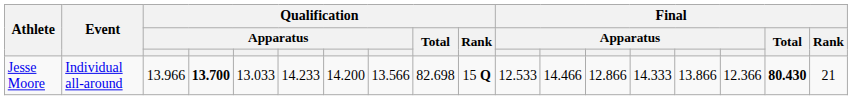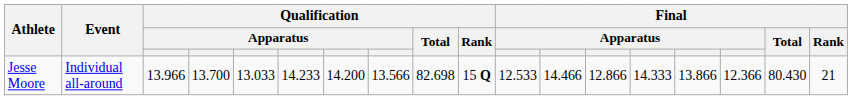 <table class=wikitable style=font-size:90%>
 <tr>
 <th rowspan=3>Athlete</th>
 <th rowspan=3>Event</th>
 <th colspan=8>Qualification</th>
 <th colspan=8>Final</th>
 </tr>
 <tr style=font-size:95%>
 <th colspan=6>Apparatus</th>
 <th rowspan=2>Total</th>
 <th rowspan=2>Rank</th>
 <th colspan=6>Apparatus</th>
 <th rowspan=2>Total</th>
 <th rowspan=2>Rank</th>
 </tr>
 <tr style=font-size:95%>
 <th></th>
 <th></th>
 <th></th>
 <th></th>
 <th></th>
 <th></th>
 <th></th>
 <th></th>
 <th></th>
 <th></th>
 <th></th>
 <th></th>
 </tr>
 <tr align=center>
 <td align=left><a href='#'>Jesse Moore</a></td>
 <td align=left><a href='#'>Individual all-around</a></td>
 <td>13.966</td>
-<td><strong>13.700</strong></td>
+<td>13.700</td>
 <td>13.033</td>
 <td>14.233</td>
 <td>14.200</td>
 <td>13.566</td>
 <td>82.698</td>
 <td>15 <strong>Q</strong></td>
 <td>12.533</td>
 <td>14.466</td>
 <td>12.866</td>
 <td>14.333</td>
 <td>13.866</td>
 <td>12.366</td>
-<td><strong>80.430</strong></td>
+<td>80.430</td>
 <td>21</td>
 </tr>
 </table>
